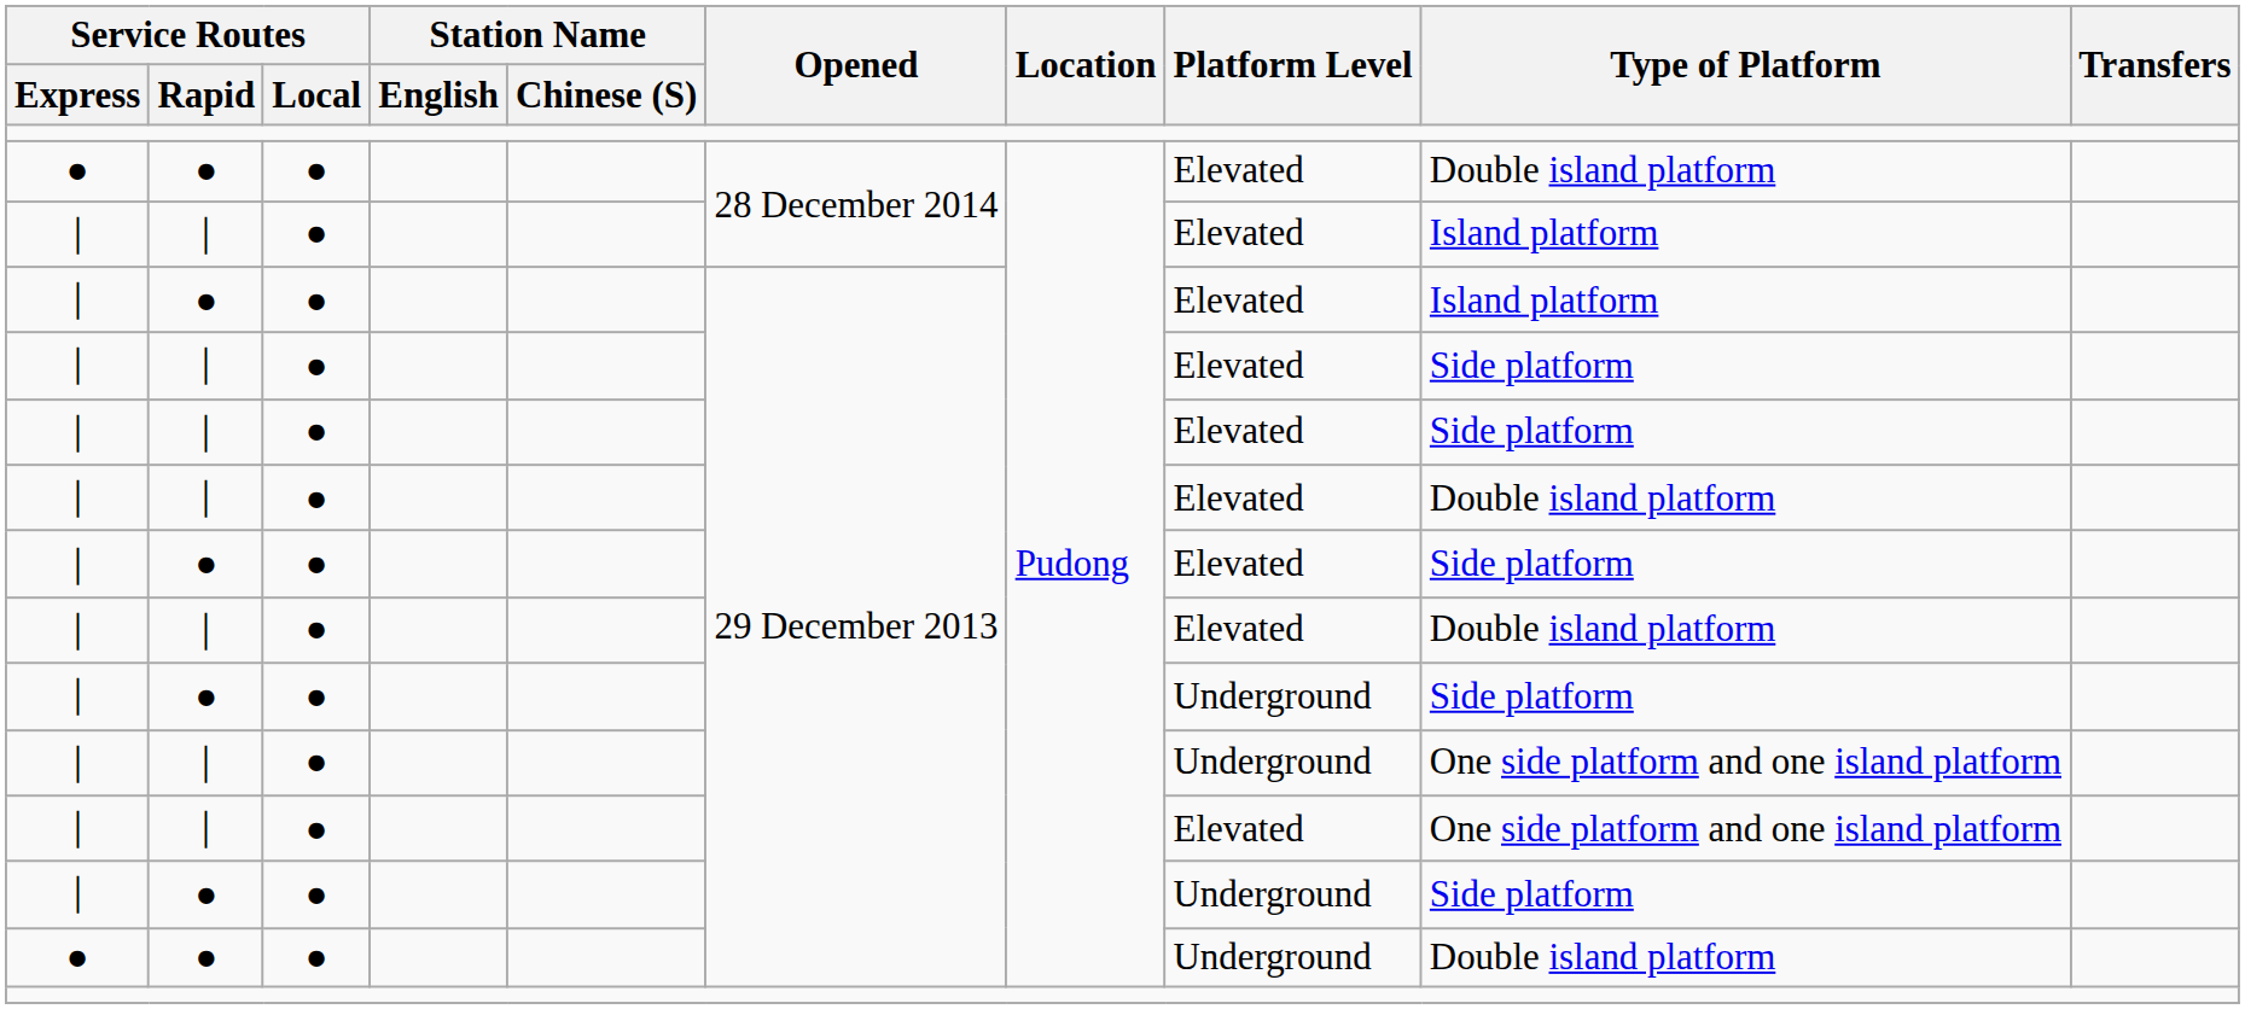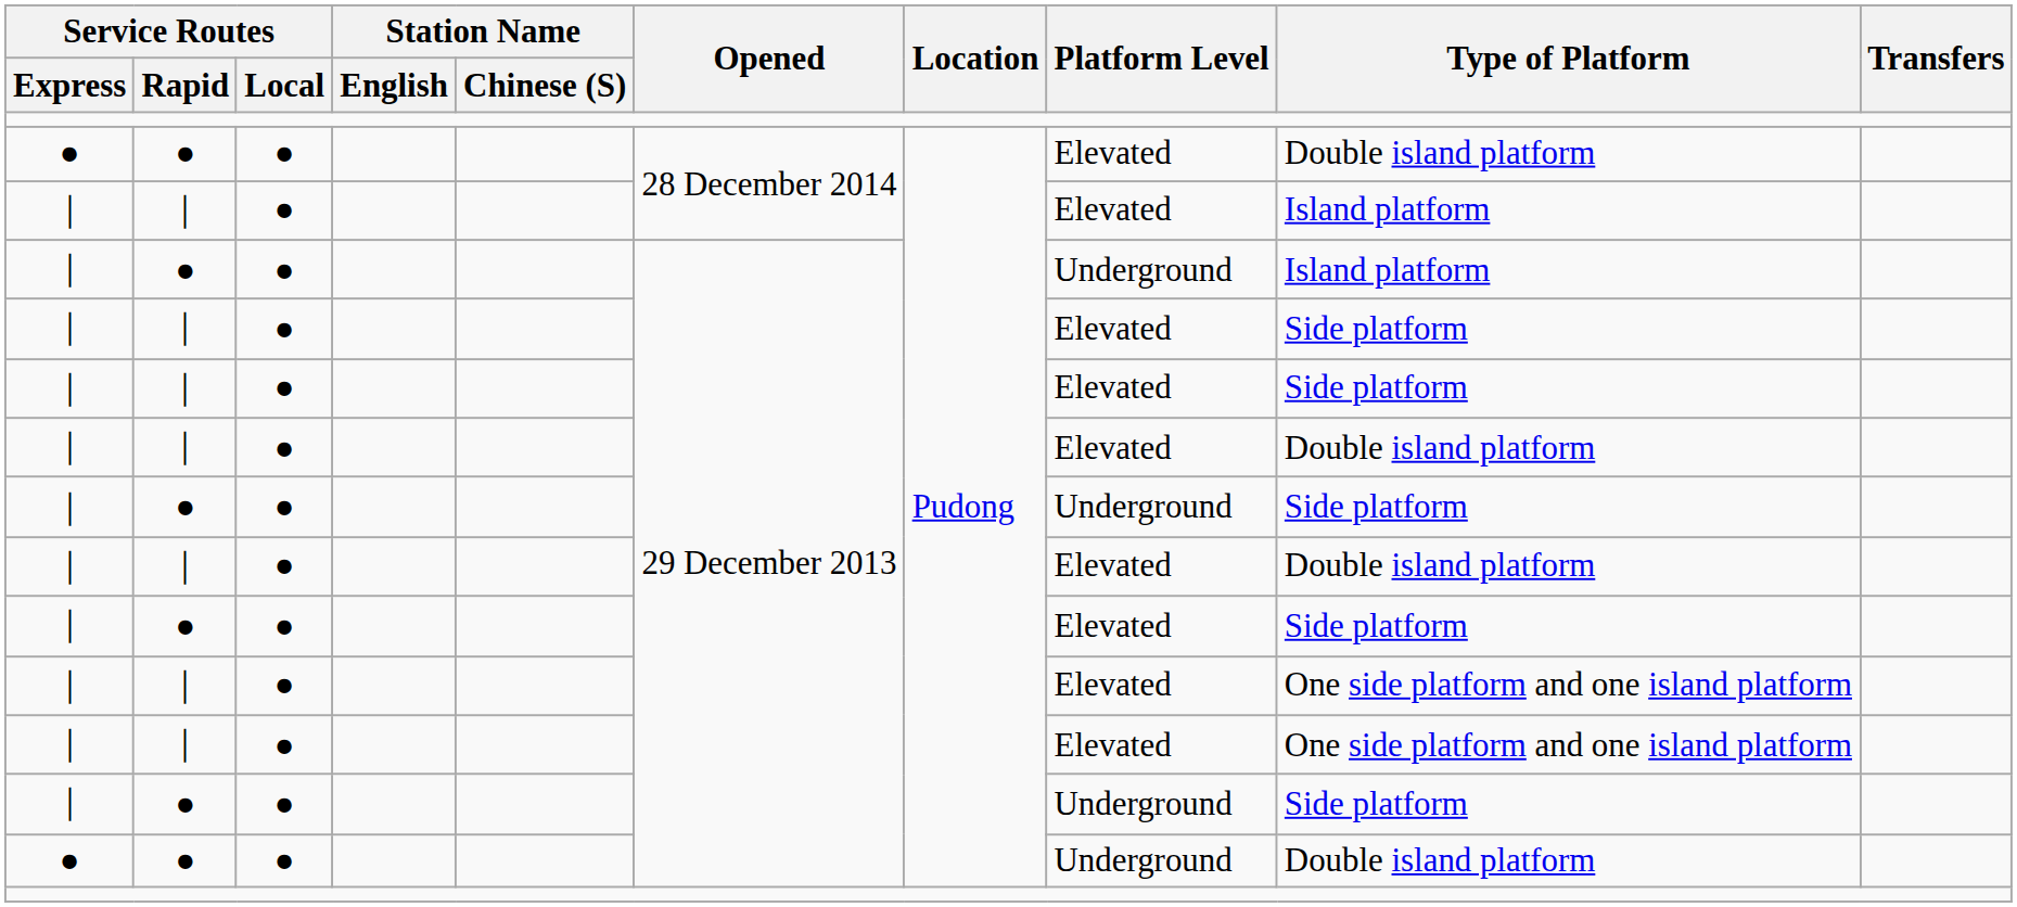 <table class=wikitable>
 <tr>
 <th colspan=3>Service Routes</th>
 <th colspan=2 style="text-align:center;">Station Name</th>
 <th rowspan=2>Opened</th>
 <th rowspan=2 style="text-align:center;">Location</th>
 <th rowspan=2>Platform Level</th>
 <th rowspan=2>Type of Platform</th>
 <th rowspan=2 style="text-align:center;">Transfers</th>
 </tr>
 <tr>
 <th>Express</th>
 <th>Rapid</th>
 <th>Local</th>
 <th>English</th>
 <th>Chinese (S)</th>
 </tr>
 <tr style=background:#>
 <td colspan=10></td>
 </tr>
 <tr>
 <td align=center>●</td>
 <td align=center>●</td>
 <td align=center>●</td>
 <td></td>
 <td><span></span></td>
 <td rowspan=2>28 December 2014</td>
 <td rowspan=13><a href='#'>Pudong</a></td>
 <td>Elevated</td>
 <td>Double <a href='#'>island platform</a></td>
 <td><br></td>
 </tr>
 <tr>
 <td align=center>｜</td>
 <td align=center>｜</td>
 <td align=center>●</td>
 <td></td>
 <td><span></span></td>
 <td>Elevated</td>
 <td><a href='#'>Island platform</a></td>
 <td></td>
 </tr>
 <tr>
 <td align=center>｜</td>
 <td align=center>●</td>
 <td align=center>●</td>
 <td></td>
 <td><span></span></td>
 <td rowspan=11>29 December 2013</td>
-<td>Elevated</td>
+<td>Underground</td>
 <td><a href='#'>Island platform</a></td>
 <td></td>
 </tr>
 <tr>
 <td align=center>｜</td>
 <td align=center>｜</td>
 <td align=center>●</td>
 <td></td>
 <td><span></span></td>
 <td>Elevated</td>
 <td><a href='#'>Side platform</a></td>
 <td></td>
 </tr>
 <tr>
 <td align=center>｜</td>
 <td align=center>｜</td>
 <td align=center>●</td>
 <td></td>
 <td><span></span></td>
 <td>Elevated</td>
 <td><a href='#'>Side platform</a></td>
 <td></td>
 </tr>
 <tr>
 <td align=center>｜</td>
 <td align=center>｜</td>
 <td align=center>●</td>
 <td></td>
 <td><span></span></td>
 <td>Elevated</td>
 <td>Double <a href='#'>island platform</a></td>
 <td></td>
 </tr>
 <tr>
 <td align=center>｜</td>
 <td align=center>●</td>
 <td align=center>●</td>
 <td></td>
 <td><span></span></td>
-<td>Elevated</td>
+<td>Underground</td>
 <td><a href='#'>Side platform</a></td>
 <td></td>
 </tr>
 <tr>
 <td align=center>｜</td>
 <td align=center>｜</td>
 <td align=center>●</td>
 <td></td>
 <td><span></span></td>
 <td>Elevated</td>
 <td>Double <a href='#'>island platform</a></td>
 <td></td>
 </tr>
 <tr>
 <td align=center>｜</td>
 <td align=center>●</td>
 <td align=center>●</td>
 <td></td>
 <td><span></span></td>
-<td>Underground</td>
+<td>Elevated</td>
 <td><a href='#'>Side platform</a></td>
 <td></td>
 </tr>
 <tr>
 <td align=center>｜</td>
 <td align=center>｜</td>
 <td align=center>●</td>
 <td></td>
 <td><span></span></td>
-<td>Underground</td>
+<td>Elevated</td>
 <td>One <a href='#'>side platform</a> and one <a href='#'>island platform</a></td>
 <td></td>
 </tr>
 <tr>
 <td align=center>｜</td>
 <td align=center>｜</td>
 <td align=center>●</td>
 <td></td>
 <td><span></span></td>
 <td>Elevated</td>
 <td>One <a href='#'>side platform</a> and one <a href='#'>island platform</a></td>
 <td></td>
 </tr>
 <tr>
 <td align=center>｜</td>
 <td align=center>●</td>
 <td align=center>●</td>
 <td></td>
 <td><span></span></td>
 <td>Underground</td>
 <td><a href='#'>Side platform</a></td>
 <td></td>
 </tr>
 <tr>
 <td align=center>●</td>
 <td align=center>●</td>
 <td align=center>●</td>
 <td></td>
 <td><span></span></td>
 <td>Underground</td>
 <td>Double <a href='#'>island platform</a></td>
 <td></td>
 </tr>
 <tr style=background:#>
 <td colspan=10></td>
 </tr>
 </table>
